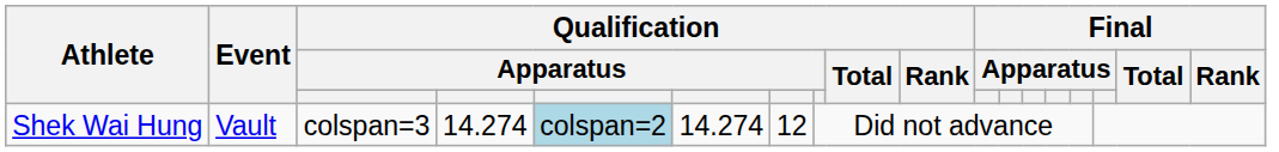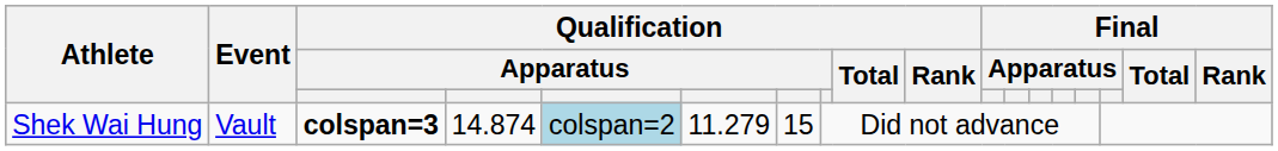 <table class="wikitable" style="font-size:90%">
 <tr>
 <th rowspan=3>Athlete</th>
 <th rowspan=3>Event</th>
 <th colspan =8>Qualification</th>
 <th colspan =8>Final</th>
 </tr>
 <tr style="font-size:95%">
 <th colspan=6>Apparatus</th>
 <th rowspan=2>Total</th>
 <th rowspan=2>Rank</th>
 <th colspan=6>Apparatus</th>
 <th rowspan=2>Total</th>
 <th rowspan=2>Rank</th>
 </tr>
 <tr style="font-size:95%">
 <th></th>
 <th></th>
 <th></th>
 <th></th>
 <th></th>
 <th></th>
 <th></th>
 <th></th>
 <th></th>
 <th></th>
 <th></th>
 <th></th>
 </tr>
 <tr align=center>
 <td align=left><a href='#'>Shek Wai Hung</a></td>
 <td align=left><a href='#'>Vault</a></td>
-<td>colspan=3 </td>
-<td>14.274</td>
+<td><strong>colspan=3 </strong></td>
+<td>14.874</td>
 <td style="background: lightblue;">colspan=2 </td>
-<td>14.274</td>
-<td>12</td>
+<td>11.279</td>
+<td>15</td>
 <td colspan=8>Did not advance</td>
 </tr>
 </table>
